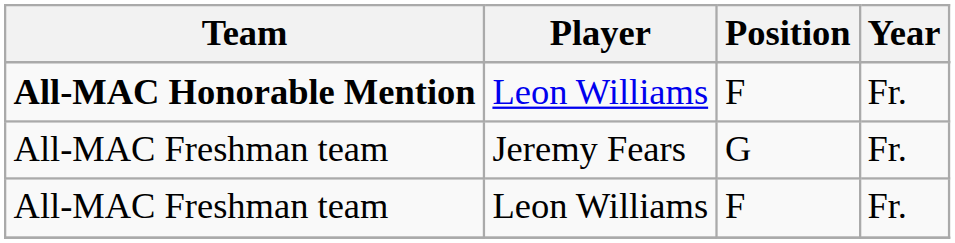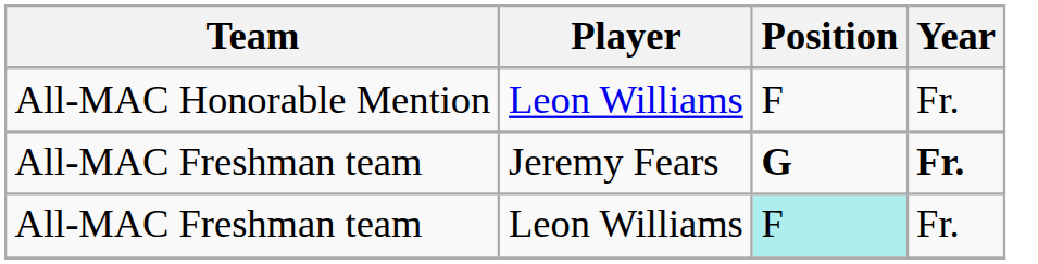 <table class="wikitable" border="1">
 <tr align=center>
 <th style= >Team</th>
 <th style= >Player</th>
 <th style= >Position</th>
 <th style= >Year</th>
 </tr>
 <tr align="center">
 </tr>
 <tr>
-<td><strong>All-MAC Honorable Mention</strong></td>
+<td>All-MAC Honorable Mention</td>
 <td><a href='#'>Leon Williams</a></td>
 <td>F</td>
 <td>Fr.</td>
 </tr>
 <tr>
 <td>All-MAC Freshman team</td>
 <td>Jeremy Fears</td>
-<td>G</td>
-<td>Fr.</td>
+<td><strong>G</strong></td>
+<td><strong>Fr.</strong></td>
 </tr>
 <tr>
 <td>All-MAC Freshman team</td>
 <td>Leon Williams</td>
-<td>F</td>
+<td style="background: paleturquoise;">F</td>
 <td>Fr.</td>
 </tr>
 <tr>
 </tr>
 </table>
